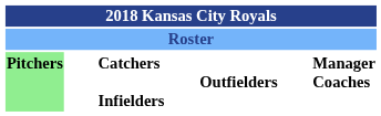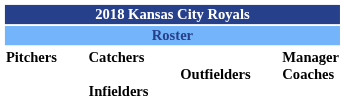 <table class="toccolours" style="font-size: 95%;">
 <tr>
 <th colspan="10" style="background-color: #27408B; color: #FFFFFF; text-align: center;">2018 Kansas City Royals</th>
 </tr>
 <tr>
 <td colspan="10" style="background-color: #74B4FA; color: #27408B; text-align: center;"><strong>Roster</strong></td>
 </tr>
 <tr>
-<td valign="top" style="background: lightgreen;"><strong>Pitchers</strong><br>                         </td>
+<td valign="top"><strong>Pitchers</strong><br>                         </td>
 <td width="25px"></td>
 <td valign="top"><strong>Catchers</strong><br>   <br><strong>Infielders</strong>          </td>
 <td width="25px"></td>
 <td valign="top"><br><strong>Outfielders</strong>         </td>
 <td width="25px"></td>
 <td valign="top"><strong>Manager</strong><br> <strong>Coaches</strong>                </td>
 </tr>
 </table>
